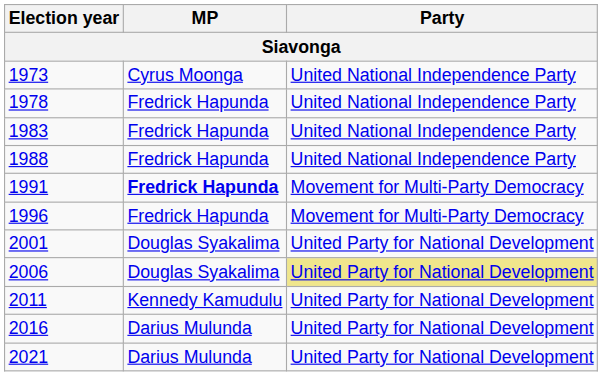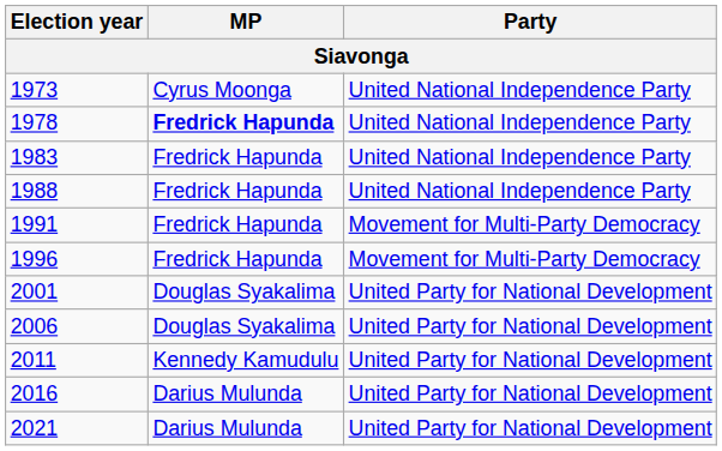 <table class="wikitable">
 <tr>
 <th>Election year</th>
 <th>MP</th>
 <th>Party</th>
 </tr>
 <tr>
 <th colspan="3">Siavonga</th>
 </tr>
 <tr>
 <td><a href='#'>1973</a></td>
 <td><a href='#'>Cyrus Moonga</a></td>
 <td><a href='#'>United National Independence Party</a></td>
 </tr>
 <tr>
 <td><a href='#'>1978</a></td>
-<td><a href='#'>Fredrick Hapunda</a></td>
+<td><strong><a href='#'>Fredrick Hapunda</a></strong></td>
 <td><a href='#'>United National Independence Party</a></td>
 </tr>
 <tr>
 <td><a href='#'>1983</a></td>
 <td><a href='#'>Fredrick Hapunda</a></td>
 <td><a href='#'>United National Independence Party</a></td>
 </tr>
 <tr>
 <td><a href='#'>1988</a></td>
 <td><a href='#'>Fredrick Hapunda</a></td>
 <td><a href='#'>United National Independence Party</a></td>
 </tr>
 <tr>
 <td><a href='#'>1991</a></td>
-<td><strong><a href='#'>Fredrick Hapunda</a></strong></td>
+<td><a href='#'>Fredrick Hapunda</a></td>
 <td><a href='#'>Movement for Multi-Party Democracy</a></td>
 </tr>
 <tr>
 <td><a href='#'>1996</a></td>
 <td><a href='#'>Fredrick Hapunda</a></td>
 <td><a href='#'>Movement for Multi-Party Democracy</a></td>
 </tr>
 <tr>
 <td><a href='#'>2001</a></td>
 <td><a href='#'>Douglas Syakalima</a></td>
 <td><a href='#'>United Party for National Development</a></td>
 </tr>
 <tr>
 <td><a href='#'>2006</a></td>
 <td><a href='#'>Douglas Syakalima</a></td>
-<td style="background: khaki;"><a href='#'>United Party for National Development</a></td>
+<td><a href='#'>United Party for National Development</a></td>
 </tr>
 <tr>
 <td><a href='#'>2011</a></td>
 <td><a href='#'>Kennedy Kamudulu</a></td>
 <td><a href='#'>United Party for National Development</a></td>
 </tr>
 <tr>
 <td><a href='#'>2016</a></td>
 <td><a href='#'>Darius Mulunda</a></td>
 <td><a href='#'>United Party for National Development</a></td>
 </tr>
 <tr>
 <td><a href='#'>2021</a></td>
 <td><a href='#'>Darius Mulunda</a></td>
 <td><a href='#'>United Party for National Development</a></td>
 </tr>
 </table>
